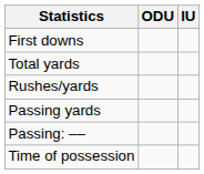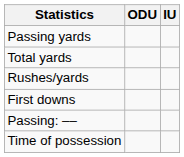 <table class="wikitable" style="float:left">
 <tr>
 <th>Statistics</th>
 <th>ODU</th>
 <th>IU</th>
 </tr>
 <tr>
-<td>First downs</td>
+<td>Passing yards</td>
 <td></td>
 <td></td>
 </tr>
 <tr>
 <td>Total yards</td>
 <td></td>
 <td></td>
 </tr>
 <tr>
 <td>Rushes/yards</td>
 <td></td>
 <td></td>
 </tr>
 <tr>
-<td>Passing yards</td>
+<td>First downs</td>
 <td></td>
 <td></td>
 </tr>
 <tr>
 <td>Passing: ––</td>
 <td></td>
 <td></td>
 </tr>
 <tr>
 <td>Time of possession</td>
 <td></td>
 <td></td>
 </tr>
 </table>
